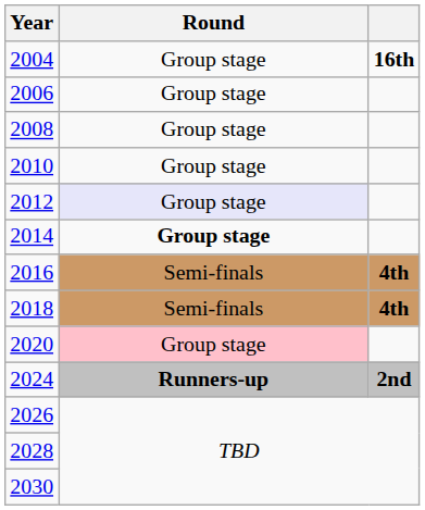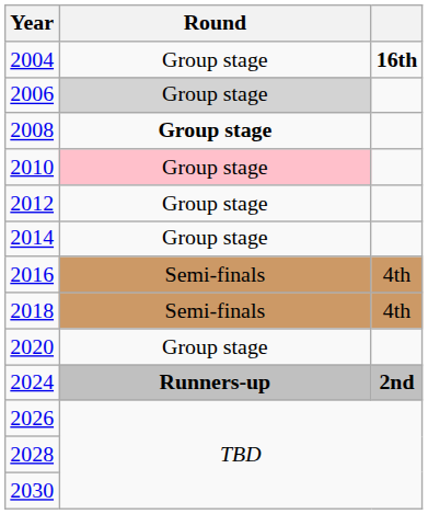 <table class="wikitable" style="text-align: center; font-size:90%">
 <tr>
 <th>Year</th>
 <th style="width:200px">Round</th>
 <th></th>
 </tr>
 <tr>
 <td><a href='#'>2004</a></td>
 <td>Group stage</td>
 <td><strong>16th</strong></td>
 </tr>
 <tr>
 <td><a href='#'>2006</a></td>
+<td style="background: lightgrey;">Group stage</td>
+<td></td>
+</tr>
+<tr>
+<td><a href='#'>2008</a></td>
+<td><strong>Group stage</strong></td>
+<td></td>
+</tr>
+<tr>
+<td><a href='#'>2010</a></td>
+<td style="background: pink;">Group stage</td>
+<td></td>
+</tr>
+<tr>
+<td><a href='#'>2012</a></td>
 <td>Group stage</td>
 <td></td>
 </tr>
 <tr>
-<td><a href='#'>2008</a></td>
+<td><a href='#'>2014</a></td>
 <td>Group stage</td>
-<td></td>
-</tr>
-<tr>
-<td><a href='#'>2010</a></td>
-<td>Group stage</td>
-<td></td>
-</tr>
-<tr>
-<td><a href='#'>2012</a></td>
-<td style="background: lavender;">Group stage</td>
-<td></td>
-</tr>
-<tr>
-<td><a href='#'>2014</a></td>
-<td><strong>Group stage</strong></td>
 <td></td>
 </tr>
 <tr>
 <td><a href='#'>2016</a></td>
 <td bgcolor="cc9966">Semi-finals</td>
-<td bgcolor="cc9966"><strong>4th</strong></td>
+<td bgcolor="cc9966">4th</td>
 </tr>
 <tr>
 <td><a href='#'>2018</a></td>
 <td bgcolor="cc9966">Semi-finals</td>
-<td bgcolor="cc9966"><strong>4th</strong></td>
+<td bgcolor="cc9966">4th</td>
 </tr>
 <tr>
 <td><a href='#'>2020</a></td>
-<td style="background: pink;">Group stage</td>
+<td>Group stage</td>
 <td></td>
 </tr>
 <tr>
 <td><a href='#'>2024</a></td>
 <td bgcolor=Silver><strong>Runners-up</strong></td>
 <td bgcolor=Silver><strong>2nd</strong></td>
 </tr>
 <tr>
 <td><a href='#'>2026</a></td>
 <td colspan="2" rowspan="3"><em>TBD</em></td>
 </tr>
 <tr>
 <td><a href='#'>2028</a></td>
 </tr>
 <tr>
 <td><a href='#'>2030</a></td>
 </tr>
 </table>
